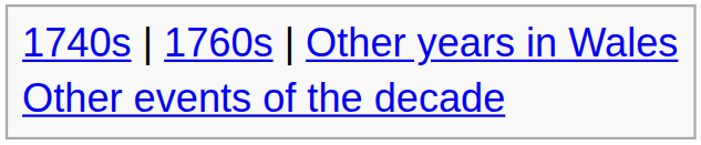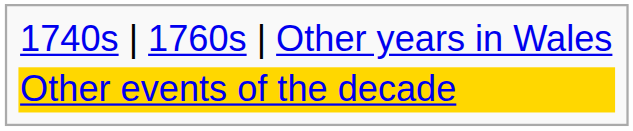 <table class="infobox" id="toc">
 <tr>
 <td align="left"><a href='#'>1740s</a> | <a href='#'>1760s</a> | <a href='#'>Other years in Wales</a></td>
 </tr>
 <tr>
-<td><a href='#'>Other events of the decade</a></td>
+<td style="background: gold;"><a href='#'>Other events of the decade</a></td>
 </tr>
 </table>
